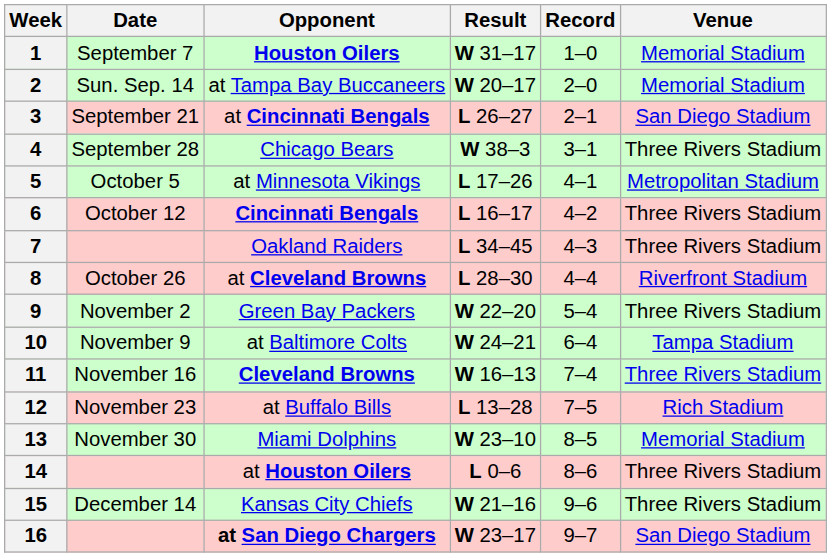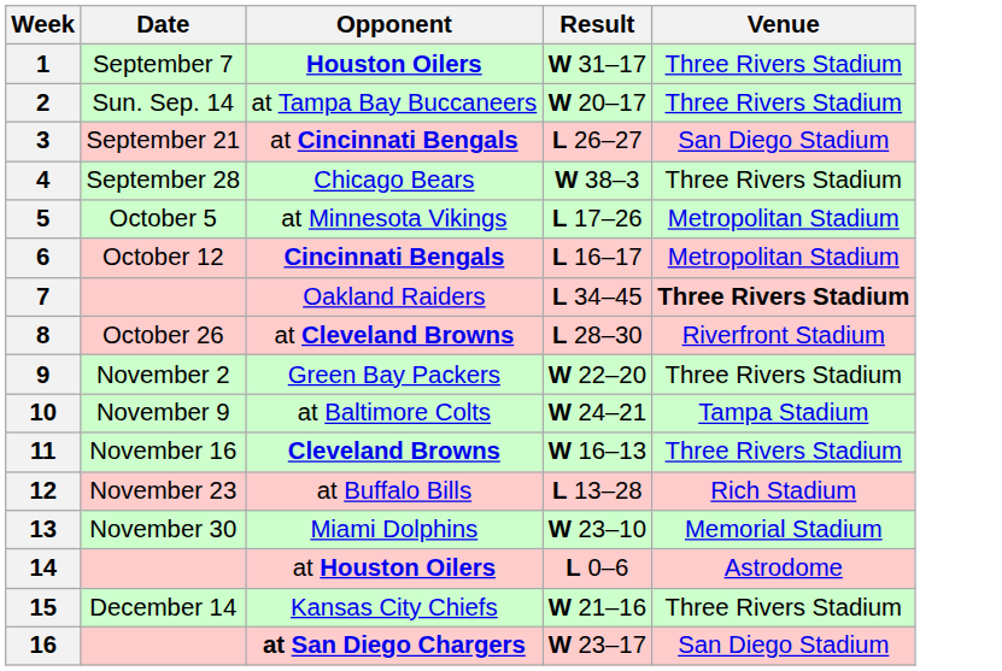 <table class="wikitable" style="text-align:center">
 <tr>
 <th>Week</th>
 <th>Date</th>
 <th>Opponent</th>
 <th>Result</th>
-<th>Record</th>
 <th>Venue</th>
 </tr>
 <tr style="background:#cfc">
 <th>1</th>
 <td>September 7</td>
 <td><strong><a href='#'>Houston Oilers</a></strong></td>
 <td><strong>W</strong> 31–17</td>
-<td>1–0</td>
-<td><a href='#'>Memorial Stadium</a></td>
+<td><a href='#'>Three Rivers Stadium</a></td>
 </tr>
 <tr style="background:#cfc">
 <th>2</th>
 <td>Sun. Sep. 14</td>
 <td>at <a href='#'>Tampa Bay Buccaneers</a></td>
 <td><strong>W</strong> 20–17</td>
-<td>2–0</td>
-<td><a href='#'>Memorial Stadium</a></td>
+<td><a href='#'>Three Rivers Stadium</a></td>
 </tr>
 <tr style="background:#fcc">
 <th>3</th>
 <td>September 21</td>
 <td>at <strong><a href='#'>Cincinnati Bengals</a></strong></td>
 <td><strong>L</strong> 26–27</td>
-<td>2–1</td>
 <td><a href='#'>San Diego Stadium</a></td>
 </tr>
 <tr style="background:#cfc">
 <th>4</th>
 <td>September 28</td>
 <td><a href='#'>Chicago Bears</a></td>
 <td><strong>W</strong> 38–3</td>
-<td>3–1</td>
 <td>Three Rivers Stadium</td>
 </tr>
 <tr style="background:#cfc">
 <th>5</th>
 <td>October 5</td>
 <td>at <a href='#'>Minnesota Vikings</a></td>
 <td><strong>L</strong> 17–26</td>
-<td>4–1</td>
 <td><a href='#'>Metropolitan Stadium</a></td>
 </tr>
 <tr style="background:#fcc">
 <th>6</th>
 <td>October 12</td>
 <td><strong><a href='#'>Cincinnati Bengals</a></strong></td>
 <td><strong>L</strong> 16–17</td>
-<td>4–2</td>
-<td>Three Rivers Stadium</td>
+<td><a href='#'>Metropolitan Stadium</a></td>
 </tr>
 <tr style="background:#fcc">
 <th>7</th>
 <td></td>
 <td><a href='#'>Oakland Raiders</a></td>
 <td><strong>L</strong> 34–45</td>
-<td>4–3</td>
-<td>Three Rivers Stadium</td>
+<td><strong>Three Rivers Stadium</strong></td>
 </tr>
 <tr style="background:#fcc">
 <th>8</th>
 <td>October 26</td>
 <td>at <strong><a href='#'>Cleveland Browns</a></strong></td>
 <td><strong>L</strong> 28–30</td>
-<td>4–4</td>
 <td><a href='#'>Riverfront Stadium</a></td>
 </tr>
 <tr style="background:#cfc">
 <th>9</th>
 <td>November 2</td>
 <td><a href='#'>Green Bay Packers</a></td>
 <td><strong>W</strong> 22–20</td>
-<td>5–4</td>
 <td>Three Rivers Stadium</td>
 </tr>
 <tr style="background:#cfc">
 <th>10</th>
 <td>November 9</td>
 <td>at <a href='#'>Baltimore Colts</a></td>
 <td><strong>W</strong> 24–21</td>
-<td>6–4</td>
 <td><a href='#'>Tampa Stadium</a></td>
 </tr>
 <tr style="background:#cfc">
 <th>11</th>
 <td>November 16</td>
 <td><strong><a href='#'>Cleveland Browns</a></strong></td>
 <td><strong>W</strong> 16–13</td>
-<td>7–4</td>
 <td><a href='#'>Three Rivers Stadium</a></td>
 </tr>
 <tr style="background:#fcc">
 <th>12</th>
 <td>November 23</td>
 <td>at <a href='#'>Buffalo Bills</a></td>
 <td><strong>L</strong> 13–28</td>
-<td>7–5</td>
 <td><a href='#'>Rich Stadium</a></td>
 </tr>
 <tr style="background:#cfc">
 <th>13</th>
 <td>November 30</td>
 <td><a href='#'>Miami Dolphins</a></td>
 <td><strong>W</strong> 23–10</td>
-<td>8–5</td>
 <td><a href='#'>Memorial Stadium</a></td>
 </tr>
 <tr style="background:#fcc">
 <th>14</th>
 <td></td>
 <td>at <strong><a href='#'>Houston Oilers</a></strong></td>
 <td><strong>L</strong> 0–6</td>
-<td>8–6</td>
-<td>Three Rivers Stadium</td>
+<td><a href='#'>Astrodome</a></td>
 </tr>
 <tr style="background:#cfc">
 <th>15</th>
 <td>December 14</td>
 <td><a href='#'>Kansas City Chiefs</a></td>
 <td><strong>W</strong> 21–16</td>
-<td>9–6</td>
 <td>Three Rivers Stadium</td>
 </tr>
 <tr style="background:#fcc">
 <th>16</th>
 <td></td>
 <td><strong>at <a href='#'>San Diego Chargers</a></strong></td>
 <td><strong>W</strong> 23–17</td>
-<td>9–7</td>
 <td><a href='#'>San Diego Stadium</a></td>
 </tr>
 </table>
